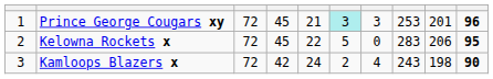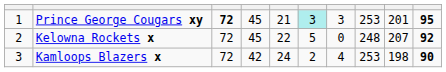 <table class="wikitable sortable">
 <tr>
 <th style="width:2em"></th>
 <th style="width:15em;" class="unsortable"></th>
 <th style="width:2em;"></th>
 <th style="width:2em;"></th>
 <th style="width:2em;"></th>
 <th style="width:2em;"></th>
 <th style="width:2em;"></th>
 <th style="width:2em;"></th>
 <th style="width:2em;"></th>
 <th style="width:2em;"></th>
 </tr>
 <tr style="font-weight: ; text-align: center;">
 <td>1</td>
 <td style="text-align:left;"><a href='#'>Prince George Cougars</a> <strong>xy</strong></td>
-<td>72</td>
+<td><strong>72</strong></td>
 <td>45</td>
 <td>21</td>
 <td style="background: paleturquoise;">3</td>
 <td>3</td>
 <td>253</td>
 <td>201</td>
-<td><strong>96</strong></td>
+<td><strong>95</strong></td>
 </tr>
 <tr style="font-weight: ; text-align: center;">
 <td>2</td>
 <td style="text-align:left;"><a href='#'>Kelowna Rockets</a> <strong>x</strong></td>
 <td>72</td>
 <td>45</td>
 <td>22</td>
 <td>5</td>
 <td>0</td>
-<td>283</td>
-<td>206</td>
-<td><strong>95</strong></td>
+<td>248</td>
+<td>207</td>
+<td><strong>92</strong></td>
 </tr>
 <tr style="font-weight: ; text-align: center;">
 <td>3</td>
 <td style="text-align:left;"><a href='#'>Kamloops Blazers</a> <strong>x</strong></td>
 <td>72</td>
 <td>42</td>
 <td>24</td>
 <td>2</td>
 <td>4</td>
-<td>243</td>
+<td>253</td>
 <td>198</td>
 <td><strong>90</strong></td>
 </tr>
 </table>
